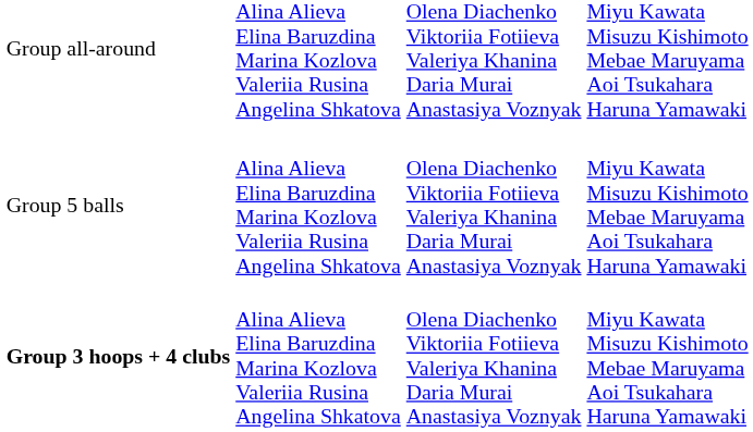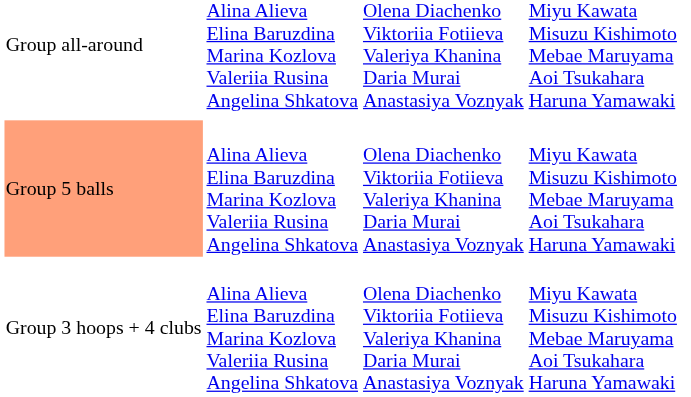 <table>
 <tr>
 <td>Group all-around<br></td>
 <td><br><a href='#'>Alina Alieva</a><br><a href='#'>Elina Baruzdina</a><br><a href='#'>Marina Kozlova</a><br><a href='#'>Valeriia Rusina</a><br><a href='#'>Angelina Shkatova</a><br></td>
 <td><br><a href='#'>Olena Diachenko</a><br><a href='#'>Viktoriia Fotiieva</a><br><a href='#'>Valeriya Khanina</a><br><a href='#'>Daria Murai</a><br><a href='#'>Anastasiya Voznyak</a><br></td>
 <td><br><a href='#'>Miyu Kawata</a><br><a href='#'>Misuzu Kishimoto</a><br><a href='#'>Mebae Maruyama</a><br><a href='#'>Aoi Tsukahara</a><br><a href='#'>Haruna Yamawaki</a><br></td>
 </tr>
 <tr>
 <th colspan="7"></th>
 </tr>
 <tr>
-<td>Group 5 balls<br></td>
+<td style="background: lightsalmon;">Group 5 balls<br></td>
 <td><br><a href='#'>Alina Alieva</a><br><a href='#'>Elina Baruzdina</a><br><a href='#'>Marina Kozlova</a><br><a href='#'>Valeriia Rusina</a><br><a href='#'>Angelina Shkatova</a><br></td>
 <td><br><a href='#'>Olena Diachenko</a><br><a href='#'>Viktoriia Fotiieva</a><br><a href='#'>Valeriya Khanina</a><br><a href='#'>Daria Murai</a><br><a href='#'>Anastasiya Voznyak</a><br></td>
 <td><br><a href='#'>Miyu Kawata</a><br><a href='#'>Misuzu Kishimoto</a><br><a href='#'>Mebae Maruyama</a><br><a href='#'>Aoi Tsukahara</a><br><a href='#'>Haruna Yamawaki</a><br></td>
 </tr>
 <tr>
-<td><strong>Group 3 hoops + 4 clubs<br></strong></td>
+<td>Group 3 hoops + 4 clubs<br></td>
 <td><br><a href='#'>Alina Alieva</a><br><a href='#'>Elina Baruzdina</a><br><a href='#'>Marina Kozlova</a><br><a href='#'>Valeriia Rusina</a><br><a href='#'>Angelina Shkatova</a><br></td>
 <td><br><a href='#'>Olena Diachenko</a><br><a href='#'>Viktoriia Fotiieva</a><br><a href='#'>Valeriya Khanina</a><br><a href='#'>Daria Murai</a><br><a href='#'>Anastasiya Voznyak</a><br></td>
 <td><br><a href='#'>Miyu Kawata</a><br><a href='#'>Misuzu Kishimoto</a><br><a href='#'>Mebae Maruyama</a><br><a href='#'>Aoi Tsukahara</a><br><a href='#'>Haruna Yamawaki</a><br></td>
 </tr>
 </table>
